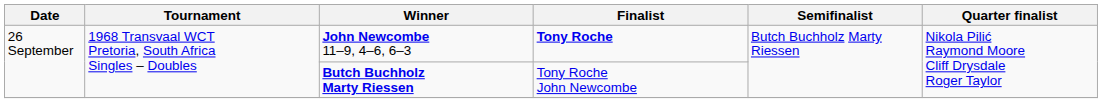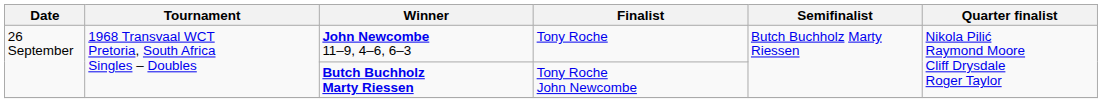 <table class="wikitable" style="font-size:85%;">
 <tr>
 <th width="75">Date</th>
 <th width="230">Tournament</th>
 <th width="210">Winner</th>
 <th width="210">Finalist</th>
 <th width="170">Semifinalist</th>
 <th width="170">Quarter finalist</th>
 </tr>
 <tr valign=top>
 <td rowspan=2>26 September</td>
 <td rowspan=2><a href='#'>1968 Transvaal WCT</a><br> <a href='#'>Pretoria</a>, <a href='#'>South Africa</a><br><a href='#'>Singles</a> – <a href='#'>Doubles</a></td>
 <td> <strong><a href='#'>John Newcombe</a></strong><br>11–9, 4–6, 6–3</td>
-<td><strong> <a href='#'>Tony Roche</a></strong></td>
+<td> <a href='#'>Tony Roche</a></td>
 <td rowspan=2> <a href='#'>Butch Buchholz</a>   <a href='#'>Marty Riessen</a></td>
 <td rowspan=2> <a href='#'>Nikola Pilić</a> <br>  <a href='#'>Raymond Moore</a> <br>  <a href='#'>Cliff Drysdale</a> <br>  <a href='#'>Roger Taylor</a></td>
 </tr>
 <tr valign=top>
 <td> <strong><a href='#'>Butch Buchholz</a></strong><br> <strong><a href='#'>Marty Riessen</a></strong><br></td>
 <td> <a href='#'>Tony Roche</a><br> <a href='#'>John Newcombe</a></td>
 </tr>
 <tr valign=top>
 </tr>
 </table>
